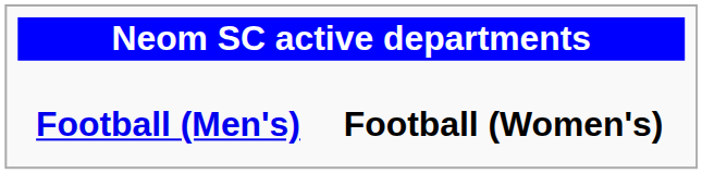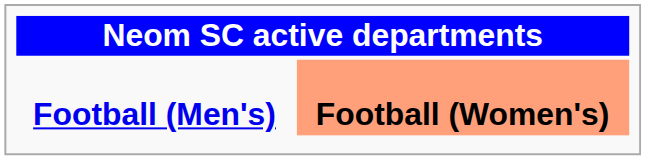 <table class="infobox" style="width: 20em; font-size: 95%em;">
 <tr style="color:white; background:blue; text-align:center;">
 <th colspan="3" style="text-align: center">Neom SC active departments</th>
 </tr>
 <tr style="text-align: center">
 <td><br><strong><a href='#'>Football (Men's)</a></strong></td>
-<td><br><strong>Football (Women's)</strong></td>
+<td style="background: lightsalmon;"><br><strong>Football (Women's)</strong></td>
 </tr>
 <tr style="font-size: 85%; text-align: center">
 <td></td>
 </tr>
 </table>
